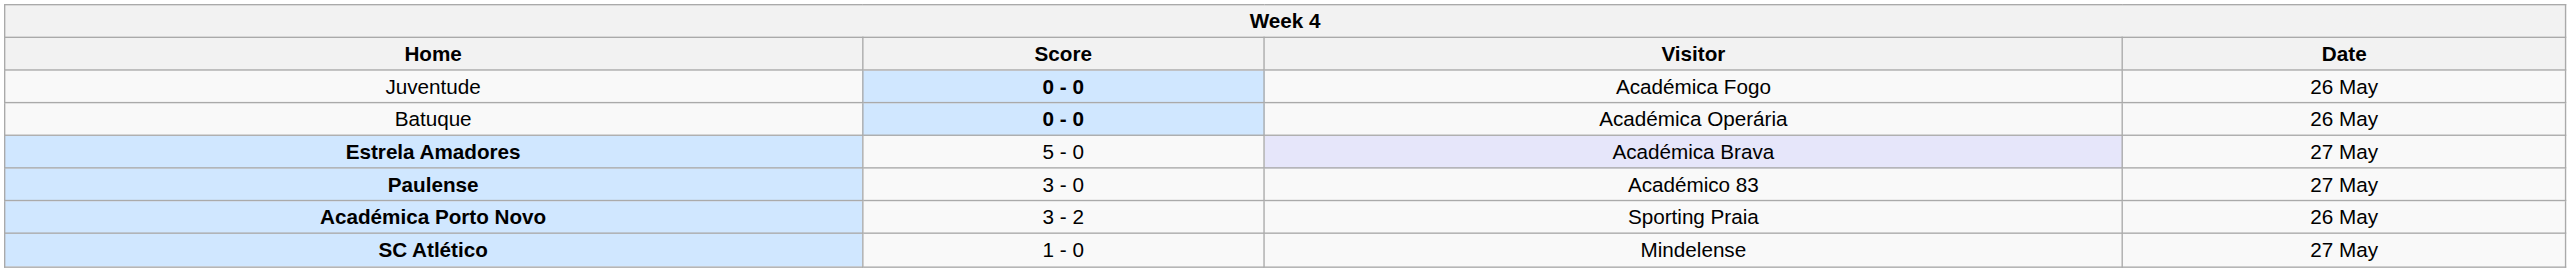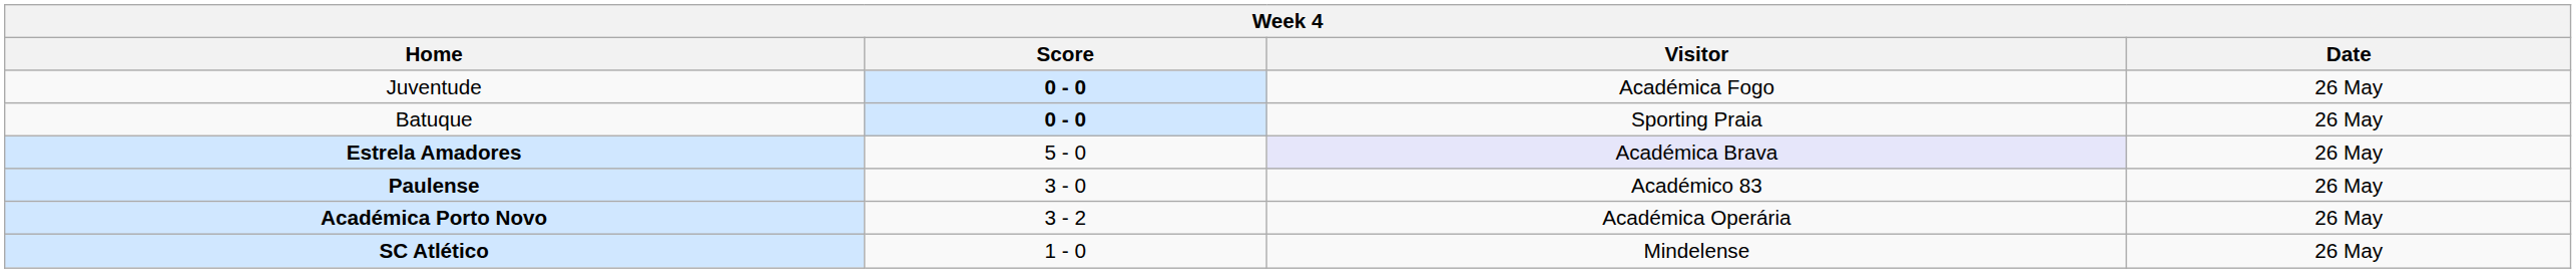 <table class="wikitable" style="font-size:95%; text-align: center; width: 95%; margin:1em auto;">
 <tr>
 <th colspan="12" style="with: 100%;">Week 4</th>
 </tr>
 <tr>
 <th width="200">Home</th>
 <th width="90">Score</th>
 <th width="200">Visitor</th>
 <th width="100">Date</th>
 </tr>
 <tr>
 <td>Juventude</td>
 <td bgcolor=#D0E7FF><strong>0 - 0</strong></td>
 <td>Académica Fogo</td>
 <td>26 May</td>
 </tr>
 <tr>
 <td>Batuque</td>
 <td bgcolor=#D0E7FF><strong>0 - 0</strong></td>
-<td>Académica Operária</td>
+<td>Sporting Praia</td>
 <td>26 May</td>
 </tr>
 <tr>
 <td bgcolor=#D0E7FF><strong>Estrela Amadores</strong></td>
 <td>5 - 0</td>
 <td style="background: lavender;">Académica Brava</td>
-<td>27 May</td>
+<td>26 May</td>
 </tr>
 <tr>
 <td bgcolor=#D0E7FF><strong>Paulense</strong></td>
 <td>3 - 0</td>
 <td>Académico 83</td>
-<td>27 May</td>
+<td>26 May</td>
 </tr>
 <tr>
 <td bgcolor=#D0E7FF><strong>Académica Porto Novo</strong></td>
 <td>3 - 2</td>
-<td>Sporting Praia</td>
+<td>Académica Operária</td>
 <td>26 May</td>
 </tr>
 <tr>
 <td bgcolor=#D0E7FF><strong>SC Atlético</strong></td>
 <td>1 - 0</td>
 <td>Mindelense</td>
-<td>27 May</td>
+<td>26 May</td>
 </tr>
 </table>
